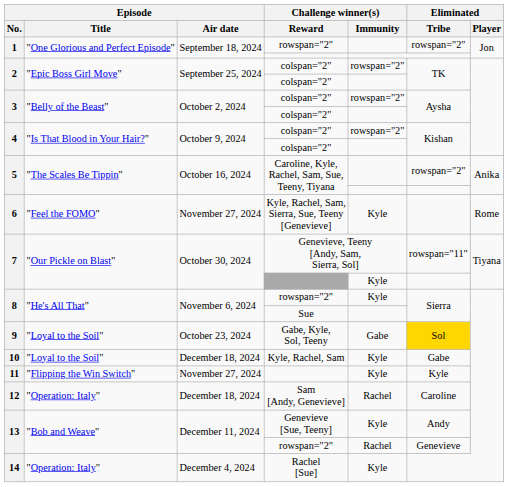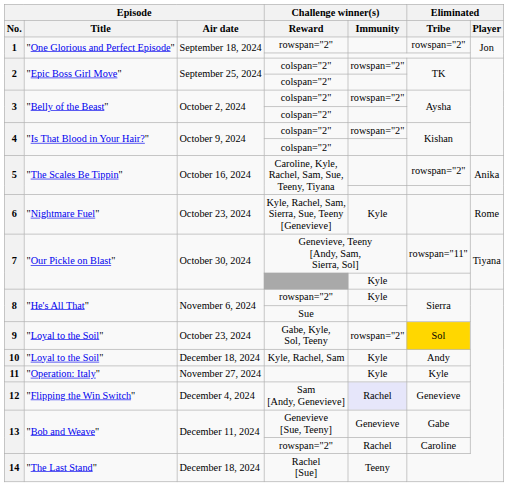 <table class="wikitable unsortable" style="text-align:center;">
 <tr>
 <th colspan="3" scope="col">Episode</th>
 <th colspan="2" scope="col">Challenge winner(s)</th>
 <th colspan="2" scope="col">Eliminated</th>
 </tr>
 <tr>
 <th scope="col">No.</th>
 <th scope="col">Title</th>
 <th scope="col">Air date</th>
 <th scope="col">Reward</th>
 <th scope="col">Immunity</th>
 <th scope="col">Tribe</th>
 <th scope="col">Player</th>
 </tr>
 <tr>
 <th rowspan="2">1</th>
 <td rowspan="2" align="left">"<a href='#'>One Glorious and Perfect Episode</a>"</td>
 <td rowspan="2" align="left">September 18, 2024</td>
 <td>rowspan="2" </td>
 <td></td>
 <td>rowspan="2" </td>
 <td rowspan="2">Jon</td>
 </tr>
 <tr>
 <td></td>
 </tr>
 <tr>
 <th rowspan="2">2</th>
 <td rowspan="2" align="left">"<a href='#'>Epic Boss Girl Move</a>"</td>
 <td rowspan="2" align="left">September 25, 2024</td>
 <td>colspan="2" </td>
 <td>rowspan="2" </td>
 <td rowspan="2">TK</td>
 </tr>
 <tr>
 <td>colspan="2" </td>
 </tr>
 <tr>
 <th rowspan="2">3</th>
 <td rowspan="2" align="left">"<a href='#'>Belly of the Beast</a>"</td>
 <td rowspan="2" align="left">October 2, 2024</td>
 <td>colspan="2" </td>
 <td>rowspan="2" </td>
 <td rowspan="2">Aysha</td>
 </tr>
 <tr>
 <td>colspan="2" </td>
 </tr>
 <tr>
 <th rowspan="2">4</th>
 <td rowspan="2" align="left">"<a href='#'>Is That Blood in Your Hair?</a>"</td>
 <td rowspan="2" align="left">October 9, 2024</td>
 <td>colspan="2" </td>
 <td>rowspan="2" </td>
 <td rowspan="2">Kishan</td>
 </tr>
 <tr>
 <td>colspan="2" </td>
 </tr>
 <tr>
 <th rowspan="2">5</th>
 <td rowspan="2" align="left">"<a href='#'>The Scales Be Tippin</a>"</td>
 <td rowspan="2" align="left">October 16, 2024</td>
 <td rowspan="2">Caroline, Kyle,<br>Rachel, Sam, Sue,<br> Teeny, Tiyana</td>
 <td></td>
 <td>rowspan="2" </td>
 <td rowspan="2">Anika</td>
 </tr>
 <tr>
 <td></td>
 </tr>
 <tr>
 <th>6</th>
-<td align="left">"<a href='#'>Feel the FOMO</a>"</td>
-<td align="left">November 27, 2024</td>
+<td align="left">"<a href='#'>Nightmare Fuel</a>"</td>
+<td align="left">October 23, 2024</td>
 <td>Kyle, Rachel, Sam,<br>Sierra, Sue, Teeny<br>[Genevieve]</td>
 <td>Kyle</td>
 <td></td>
 <td>Rome</td>
 </tr>
 <tr>
 <th rowspan="2">7</th>
 <td rowspan="2" align="left">"<a href='#'>Our Pickle on Blast</a>"</td>
 <td rowspan="2" align="left">October 30, 2024</td>
 <td colspan="2">Genevieve, Teeny<br>[Andy, Sam,<br>Sierra, Sol]</td>
 <td>rowspan="11" </td>
 <td rowspan="2">Tiyana</td>
 </tr>
 <tr>
 <td style="background:darkgray"></td>
 <td>Kyle</td>
 </tr>
 <tr>
 <th rowspan="2">8</th>
 <td rowspan="2" align="left">"<a href='#'>He's All That</a>"</td>
 <td rowspan="2" align="left">November 6, 2024</td>
 <td>rowspan="2" </td>
 <td>Kyle</td>
 <td rowspan="2">Sierra</td>
 </tr>
 <tr>
 <td>Sue</td>
 </tr>
 <tr>
 <th>9</th>
 <td align="left">"<a href='#'>Loyal to the Soil</a>"</td>
 <td align="left">October 23, 2024</td>
 <td>Gabe, Kyle,<br>Sol, Teeny</td>
-<td>Gabe</td>
+<td>rowspan="2" </td>
 <td style="background: gold;">Sol</td>
 </tr>
 <tr>
 <th>10</th>
 <td align="left">"<a href='#'>Loyal to the Soil</a>"</td>
 <td align="left">December 18, 2024</td>
 <td>Kyle, Rachel, Sam</td>
 <td>Kyle</td>
-<td>Gabe</td>
+<td>Andy</td>
 </tr>
 <tr>
 <th>11</th>
-<td align="left">"<a href='#'>Flipping the Win Switch</a>"</td>
+<td align="left">"<a href='#'>Operation: Italy</a>"</td>
 <td align="left">November 27, 2024</td>
 <td></td>
 <td>Kyle</td>
 <td>Kyle</td>
 </tr>
 <tr>
 <th>12</th>
-<td align="left">"<a href='#'>Operation: Italy</a>"</td>
-<td align="left">December 18, 2024</td>
+<td align="left">"<a href='#'>Flipping the Win Switch</a>"</td>
+<td align="left">December 4, 2024</td>
 <td>Sam<br>[Andy, Genevieve]</td>
-<td>Rachel</td>
-<td>Caroline</td>
+<td style="background: lavender;">Rachel</td>
+<td>Genevieve</td>
 </tr>
 <tr>
 <th rowspan="2">13</th>
 <td rowspan="2" align="left">"<a href='#'>Bob and Weave</a>"</td>
 <td rowspan="2" align="left">December 11, 2024</td>
 <td>Genevieve<br>[Sue, Teeny]</td>
-<td>Kyle</td>
-<td>Andy</td>
+<td>Genevieve</td>
+<td>Gabe</td>
 </tr>
 <tr>
 <td>rowspan="2" </td>
 <td>Rachel</td>
-<td>Genevieve</td>
+<td>Caroline</td>
 </tr>
 <tr>
 <th>14</th>
-<td align="left">"<a href='#'>Operation: Italy</a>"</td>
-<td align="left">December 4, 2024</td>
+<td align="left">"<a href='#'>The Last Stand</a>"</td>
+<td align="left">December 18, 2024</td>
 <td>Rachel<br>[Sue]</td>
-<td>Kyle</td>
+<td>Teeny</td>
 </tr>
 </table>
